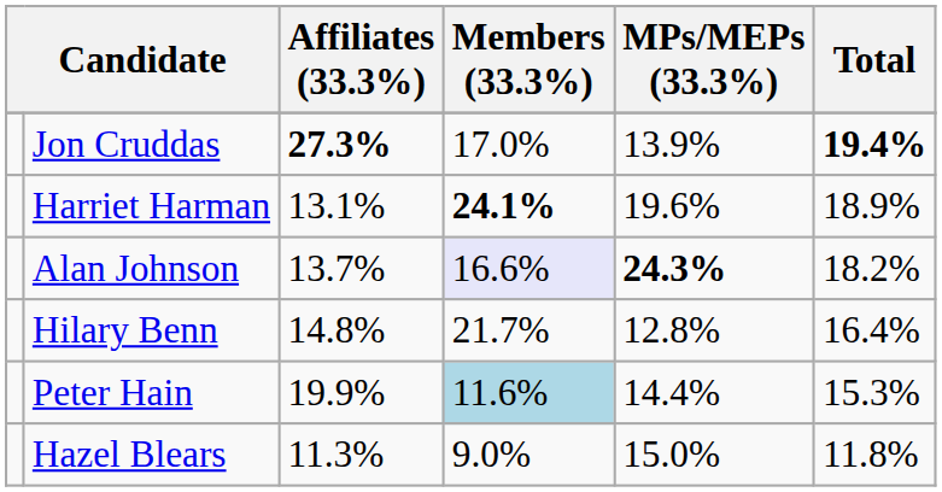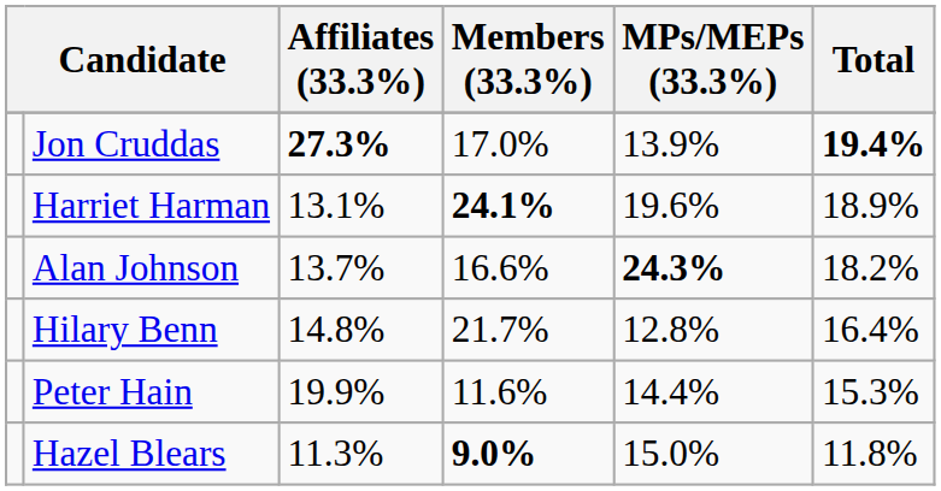 <table class="wikitable" style="font-size:95%">
 <tr>
 <th scope="col"; colspan=2>Candidate</th>
 <th scope="col">Affiliates <br> (33.3%)</th>
 <th scope="col">Members <br> (33.3%)</th>
 <th scope="col">MPs/MEPs <br> (33.3%)</th>
 <th scope="col">Total</th>
 </tr>
 <tr>
 </tr>
 <tr>
 <td style="background-color: "></td>
 <td scope=“row”><a href='#'>Jon Cruddas</a></td>
 <td><strong>27.3%</strong></td>
 <td>17.0%</td>
 <td>13.9%</td>
 <td><strong>19.4%</strong></td>
 </tr>
 <tr>
 <td style="background-color: "></td>
 <td scope=“row”><a href='#'>Harriet Harman</a></td>
 <td>13.1%</td>
 <td><strong>24.1%</strong></td>
 <td>19.6%</td>
 <td>18.9%</td>
 </tr>
 <tr>
 <td style="background-color: "></td>
 <td scope=“row”><a href='#'>Alan Johnson</a></td>
 <td>13.7%</td>
-<td style="background: lavender;">16.6%</td>
+<td>16.6%</td>
 <td><strong>24.3%</strong></td>
 <td>18.2%</td>
 </tr>
 <tr>
 <td style="background-color: "></td>
 <td scope=“row”><a href='#'>Hilary Benn</a></td>
 <td>14.8%</td>
 <td>21.7%</td>
 <td>12.8%</td>
 <td>16.4%</td>
 </tr>
 <tr>
 <td style="background-color: "></td>
 <td scope=“row”><a href='#'>Peter Hain</a></td>
 <td>19.9%</td>
-<td style="background: lightblue;">11.6%</td>
+<td>11.6%</td>
 <td>14.4%</td>
 <td>15.3%</td>
 </tr>
 <tr>
 <td style="background-color: "></td>
 <td scope=“row”><a href='#'>Hazel Blears</a> </td>
 <td>11.3%</td>
-<td>9.0%</td>
+<td><strong>9.0%</strong></td>
 <td>15.0%</td>
 <td>11.8%</td>
 </tr>
 </table>
